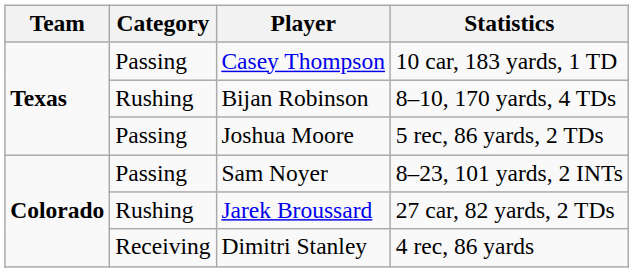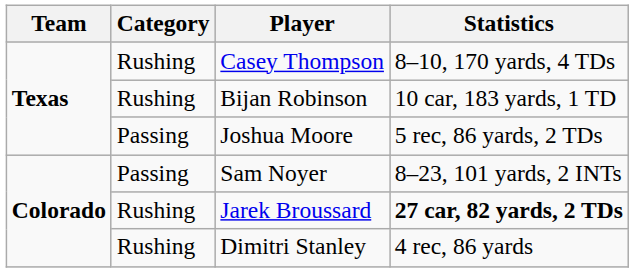 <table class="wikitable" style="float: right;">
 <tr>
 <th>Team</th>
 <th>Category</th>
 <th>Player</th>
 <th>Statistics</th>
 </tr>
 <tr>
 <td rowspan=3><strong>Texas</strong></td>
-<td>Passing</td>
+<td>Rushing</td>
 <td><a href='#'>Casey Thompson</a></td>
-<td>10 car, 183 yards, 1 TD</td>
+<td>8–10, 170 yards, 4 TDs</td>
 </tr>
 <tr>
 <td>Rushing</td>
 <td>Bijan Robinson</td>
-<td>8–10, 170 yards, 4 TDs</td>
+<td>10 car, 183 yards, 1 TD</td>
 </tr>
 <tr>
 <td>Passing</td>
 <td>Joshua Moore</td>
 <td>5 rec, 86 yards, 2 TDs</td>
 </tr>
 <tr>
 <td rowspan=3><strong>Colorado</strong></td>
 <td>Passing</td>
 <td>Sam Noyer</td>
 <td>8–23, 101 yards, 2 INTs</td>
 </tr>
 <tr>
 <td>Rushing</td>
 <td><a href='#'>Jarek Broussard</a></td>
-<td>27 car, 82 yards, 2 TDs</td>
+<td><strong>27 car, 82 yards, 2 TDs</strong></td>
 </tr>
 <tr>
-<td>Receiving</td>
+<td>Rushing</td>
 <td>Dimitri Stanley</td>
 <td>4 rec, 86 yards</td>
 </tr>
 </table>
